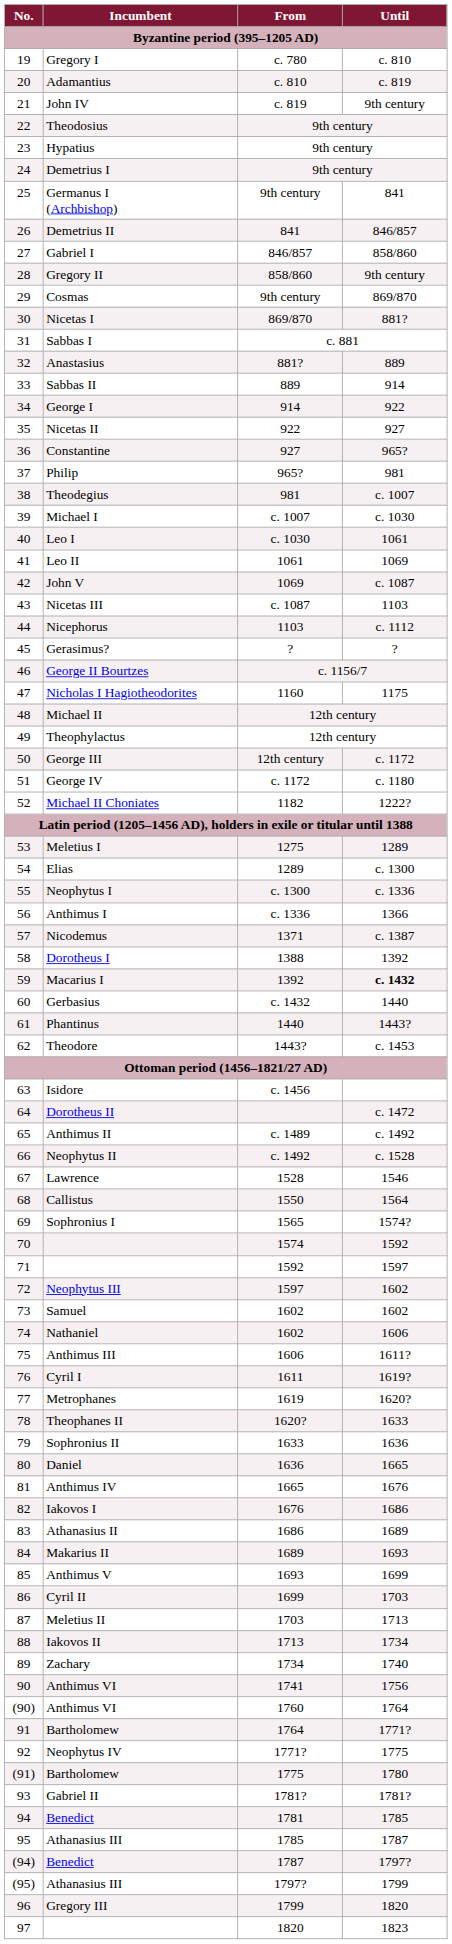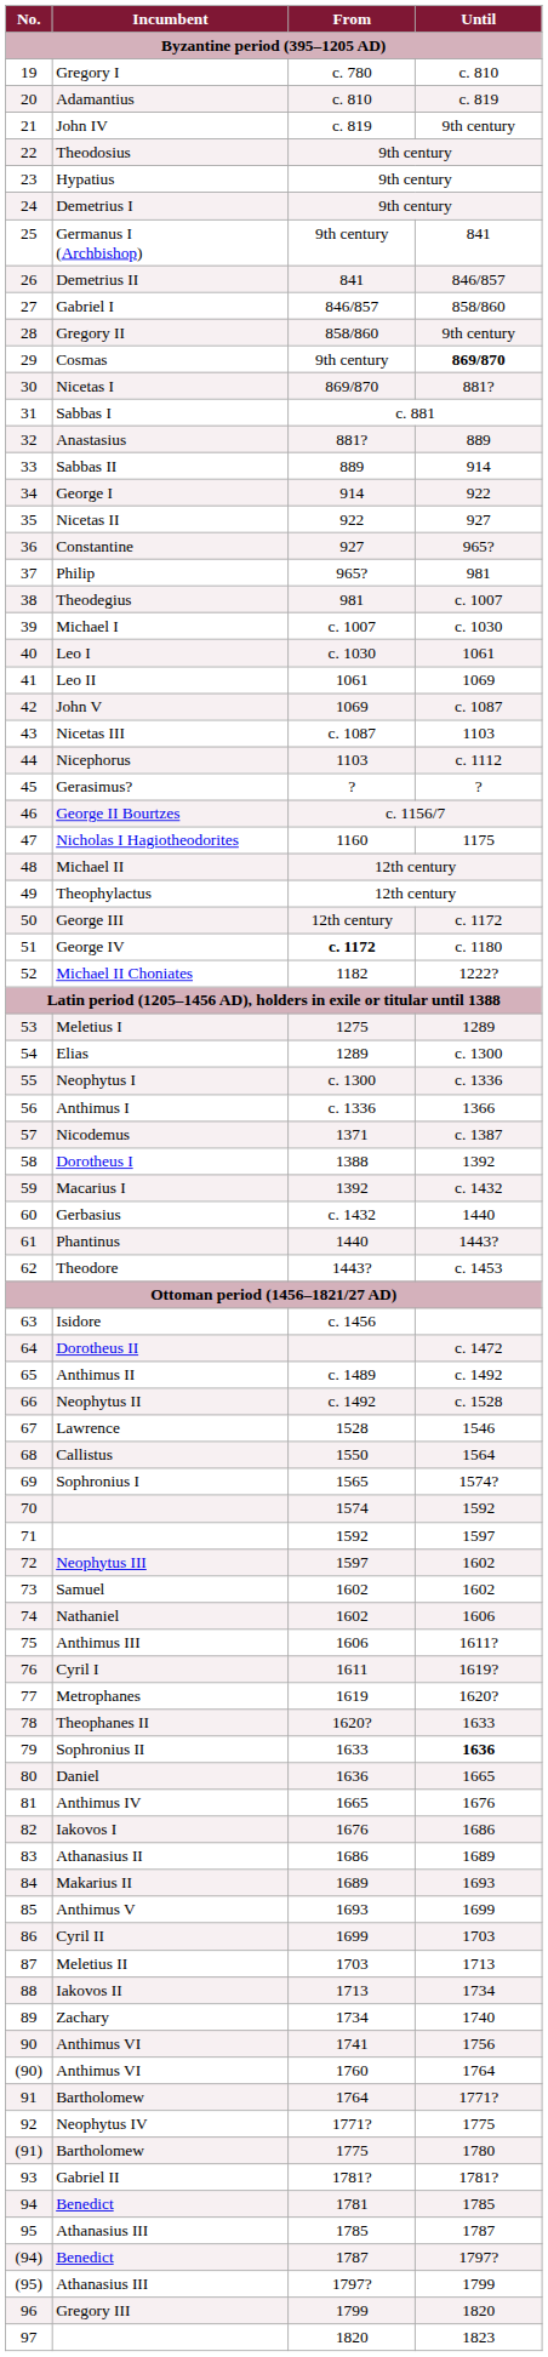 <table class="wikitable" style="font-size:95%; width:57%;">
 <tr>
 <th style="background-color: #7F1734;  color: white;" width="4%">No.</th>
 <th style="background-color: #7F1734;  color: white;" width="28%">Incumbent</th>
 <th style="background-color: #7F1734;  color: white;" width="15%">From</th>
 <th style="background-color: #7F1734;  color: white;" width="15%">Until</th>
 </tr>
 <tr align=center>
 <th style="background-color: #D4B1BB;" colspan="4">Byzantine period (395–1205 AD)</th>
 </tr>
 <tr valign=top bgcolor="white">
 <td align=center>19</td>
 <td>Gregory I</td>
 <td align=center>c. 780</td>
 <td align=center>c. 810</td>
 </tr>
 <tr valign=top bgcolor="#F7F0F2">
 <td align=center>20</td>
 <td>Adamantius</td>
 <td align=center>c. 810</td>
 <td align=center>c. 819</td>
 </tr>
 <tr valign=top bgcolor="white">
 <td align=center>21</td>
 <td>John IV</td>
 <td align=center>c. 819</td>
 <td align=center>9th century</td>
 </tr>
 <tr valign=top bgcolor="#F7F0F2">
 <td align=center>22</td>
 <td>Theodosius</td>
 <td colspan=2 align=center>9th century</td>
 </tr>
 <tr valign=top bgcolor="white">
 <td align=center>23</td>
 <td>Hypatius</td>
 <td colspan=2 align=center>9th century</td>
 </tr>
 <tr valign=top bgcolor="#F7F0F2">
 <td align=center>24</td>
 <td>Demetrius I</td>
 <td colspan=2 align=center>9th century</td>
 </tr>
 <tr valign=top bgcolor="white">
 <td align=center>25</td>
 <td>Germanus I<br>(<a href='#'>Archbishop</a>)</td>
 <td align=center>9th century</td>
 <td align=center>841</td>
 </tr>
 <tr valign=top bgcolor="#F7F0F2">
 <td align=center>26</td>
 <td>Demetrius II</td>
 <td align=center>841</td>
 <td align=center>846/857</td>
 </tr>
 <tr valign=top bgcolor="white">
 <td align=center>27</td>
 <td>Gabriel I</td>
 <td align=center>846/857</td>
 <td align=center>858/860</td>
 </tr>
 <tr valign=top bgcolor="#F7F0F2">
 <td align=center>28</td>
 <td>Gregory II</td>
 <td align=center>858/860</td>
 <td align=center>9th century</td>
 </tr>
 <tr valign=top bgcolor="white">
 <td align=center>29</td>
 <td>Cosmas</td>
 <td align=center>9th century</td>
-<td align=center>869/870</td>
+<td align=center><strong>869/870</strong></td>
 </tr>
 <tr valign=top bgcolor="#F7F0F2">
 <td align=center>30</td>
 <td>Nicetas I</td>
 <td align=center>869/870</td>
 <td align=center>881?</td>
 </tr>
 <tr valign=top bgcolor="white">
 <td align=center>31</td>
 <td>Sabbas I</td>
 <td colspan=2 align=center>c. 881</td>
 </tr>
 <tr valign=top bgcolor="#F7F0F2">
 <td align=center>32</td>
 <td>Anastasius</td>
 <td align=center>881?</td>
 <td align=center>889</td>
 </tr>
 <tr valign=top bgcolor="white">
 <td align=center>33</td>
 <td>Sabbas II</td>
 <td align=center>889</td>
 <td align=center>914</td>
 </tr>
 <tr valign=top bgcolor="#F7F0F2">
 <td align=center>34</td>
 <td>George I</td>
 <td align=center>914</td>
 <td align=center>922</td>
 </tr>
 <tr valign=top bgcolor="white">
 <td align=center>35</td>
 <td>Nicetas II</td>
 <td align=center>922</td>
 <td align=center>927</td>
 </tr>
 <tr valign=top bgcolor="#F7F0F2">
 <td align=center>36</td>
 <td>Constantine</td>
 <td align=center>927</td>
 <td align=center>965?</td>
 </tr>
 <tr valign=top bgcolor="white">
 <td align=center>37</td>
 <td>Philip</td>
 <td align=center>965?</td>
 <td align=center>981</td>
 </tr>
 <tr valign=top bgcolor="#F7F0F2">
 <td align=center>38</td>
 <td>Theodegius</td>
 <td align=center>981</td>
 <td align=center>c. 1007</td>
 </tr>
 <tr valign=top bgcolor="white">
 <td align=center>39</td>
 <td>Michael I</td>
 <td align=center>c. 1007</td>
 <td align=center>c. 1030</td>
 </tr>
 <tr valign=top bgcolor="#F7F0F2">
 <td align=center>40</td>
 <td>Leo I</td>
 <td align=center>c. 1030</td>
 <td align=center>1061</td>
 </tr>
 <tr valign=top bgcolor="white">
 <td align=center>41</td>
 <td>Leo II</td>
 <td align=center>1061</td>
 <td align=center>1069</td>
 </tr>
 <tr valign=top bgcolor="#F7F0F2">
 <td align=center>42</td>
 <td>John V</td>
 <td align=center>1069</td>
 <td align=center>c. 1087</td>
 </tr>
 <tr valign=top bgcolor="white">
 <td align=center>43</td>
 <td>Nicetas III</td>
 <td align=center>c. 1087</td>
 <td align=center>1103</td>
 </tr>
 <tr valign=top bgcolor="#F7F0F2">
 <td align=center>44</td>
 <td>Nicephorus</td>
 <td align=center>1103</td>
 <td align=center>c. 1112</td>
 </tr>
 <tr valign=top bgcolor="white">
 <td align=center>45</td>
 <td>Gerasimus?</td>
 <td align=center>?</td>
 <td align=center>?</td>
 </tr>
 <tr valign=top bgcolor="#F7F0F2">
 <td align=center>46</td>
 <td><a href='#'>George II Bourtzes</a></td>
 <td colspan=2 align=center>c. 1156/7</td>
 </tr>
 <tr valign=top bgcolor="white">
 <td align=center>47</td>
 <td><a href='#'>Nicholas I Hagiotheodorites</a></td>
 <td align=center>1160</td>
 <td align=center>1175</td>
 </tr>
 <tr valign=top bgcolor="#F7F0F2">
 <td align=center>48</td>
 <td>Michael II</td>
 <td colspan=2 align=center>12th century</td>
 </tr>
 <tr valign=top bgcolor="white">
 <td align=center>49</td>
 <td>Theophylactus</td>
 <td colspan=2 align=center>12th century</td>
 </tr>
 <tr valign=top bgcolor="#F7F0F2">
 <td align=center>50</td>
 <td>George III</td>
 <td align=center>12th century</td>
 <td align=center>c. 1172</td>
 </tr>
 <tr valign=top bgcolor="white">
 <td align=center>51</td>
 <td>George IV</td>
-<td align=center>c. 1172</td>
+<td align=center><strong>c. 1172</strong></td>
 <td align=center>c. 1180</td>
 </tr>
 <tr valign=top bgcolor="white">
 <td align=center>52</td>
 <td><a href='#'>Michael II Choniates</a></td>
 <td align=center>1182</td>
 <td align=center>1222?</td>
 </tr>
 <tr align=center>
 <th style="background-color: #D4B1BB;" colspan="4">Latin period (1205–1456 AD), holders in exile or titular until 1388</th>
 </tr>
 <tr valign=top bgcolor="#F7F0F2">
 <td align=center>53</td>
 <td>Meletius I</td>
 <td align=center>1275</td>
 <td align=center>1289</td>
 </tr>
 <tr valign=top bgcolor="white">
 <td align=center>54</td>
 <td>Elias</td>
 <td align=center>1289</td>
 <td align=center>c. 1300</td>
 </tr>
 <tr valign=top bgcolor="#F7F0F2">
 <td align=center>55</td>
 <td>Neophytus I</td>
 <td align=center>c. 1300</td>
 <td align=center>c. 1336</td>
 </tr>
 <tr valign=top bgcolor="white">
 <td align=center>56</td>
 <td>Anthimus I</td>
 <td align=center>c. 1336</td>
 <td align=center>1366</td>
 </tr>
 <tr valign=top bgcolor="#F7F0F2">
 <td align=center>57</td>
 <td>Nicodemus</td>
 <td align=center>1371</td>
 <td align=center>c. 1387</td>
 </tr>
 <tr valign=top bgcolor="white">
 <td align=center>58</td>
 <td><a href='#'>Dorotheus I</a></td>
 <td align=center>1388</td>
 <td align=center>1392</td>
 </tr>
 <tr valign=top bgcolor="#F7F0F2">
 <td align=center>59</td>
 <td>Macarius I</td>
 <td align=center>1392</td>
-<td align=center><strong>c. 1432</strong></td>
+<td align=center>c. 1432</td>
 </tr>
 <tr valign=top bgcolor="white">
 <td align=center>60</td>
 <td>Gerbasius</td>
 <td align=center>c. 1432</td>
 <td align=center>1440</td>
 </tr>
 <tr valign=top bgcolor="#F7F0F2">
 <td align=center>61</td>
 <td>Phantinus</td>
 <td align=center>1440</td>
 <td align=center>1443?</td>
 </tr>
 <tr valign=top bgcolor="white">
 <td align=center>62</td>
 <td>Theodore</td>
 <td align=center>1443?</td>
 <td align=center>c. 1453</td>
 </tr>
 <tr align=center>
 <th style="background-color: #D4B1BB;" colspan="4">Ottoman period (1456–1821/27 AD)</th>
 </tr>
 <tr valign=top bgcolor="white">
 <td align=center>63</td>
 <td>Isidore</td>
 <td align=center>c. 1456</td>
 <td align=center></td>
 </tr>
 <tr valign=top bgcolor="#F7F0F2">
 <td align=center>64</td>
 <td><a href='#'>Dorotheus II</a></td>
 <td align=center></td>
 <td align=center>c. 1472</td>
 </tr>
 <tr valign=top bgcolor="white">
 <td align=center>65</td>
 <td>Anthimus II</td>
 <td align=center>c. 1489</td>
 <td align=center>c. 1492</td>
 </tr>
 <tr valign=top bgcolor="#F7F0F2">
 <td align=center>66</td>
 <td>Neophytus II</td>
 <td align=center>c. 1492</td>
 <td align=center>c. 1528</td>
 </tr>
 <tr valign=top bgcolor="white">
 <td align=center>67</td>
 <td>Lawrence</td>
 <td align=center>1528</td>
 <td align=center>1546</td>
 </tr>
 <tr valign=top bgcolor="#F7F0F2">
 <td align=center>68</td>
 <td>Callistus</td>
 <td align=center>1550</td>
 <td align=center>1564</td>
 </tr>
 <tr valign=top bgcolor="white">
 <td align=center>69</td>
 <td>Sophronius I</td>
 <td align=center>1565</td>
 <td align=center>1574?</td>
 </tr>
 <tr valign=top bgcolor="#F7F0F2">
 <td align=center>70</td>
 <td></td>
 <td align=center>1574</td>
 <td align=center>1592</td>
 </tr>
 <tr valign=top bgcolor="white">
 <td align=center>71</td>
 <td></td>
 <td align=center>1592</td>
 <td align=center>1597</td>
 </tr>
 <tr valign=top bgcolor="#F7F0F2">
 <td align=center>72</td>
 <td><a href='#'>Neophytus III</a></td>
 <td align=center>1597</td>
 <td align=center>1602</td>
 </tr>
 <tr valign=top bgcolor="white">
 <td align=center>73</td>
 <td>Samuel</td>
 <td align=center>1602</td>
 <td align=center>1602</td>
 </tr>
 <tr valign=top bgcolor="#F7F0F2">
 <td align=center>74</td>
 <td>Nathaniel</td>
 <td align=center>1602</td>
 <td align=center>1606</td>
 </tr>
 <tr valign=top bgcolor="white">
 <td align=center>75</td>
 <td>Anthimus III</td>
 <td align=center>1606</td>
 <td align=center>1611?</td>
 </tr>
 <tr valign=top bgcolor="#F7F0F2">
 <td align=center>76</td>
 <td>Cyril I</td>
 <td align=center>1611</td>
 <td align=center>1619?</td>
 </tr>
 <tr valign=top bgcolor="white">
 <td align=center>77</td>
 <td>Metrophanes</td>
 <td align=center>1619</td>
 <td align=center>1620?</td>
 </tr>
 <tr valign=top bgcolor="#F7F0F2">
 <td align=center>78</td>
 <td>Theophanes II</td>
 <td align=center>1620?</td>
 <td align=center>1633</td>
 </tr>
 <tr valign=top bgcolor="white">
 <td align=center>79</td>
 <td>Sophronius II</td>
 <td align=center>1633</td>
-<td align=center>1636</td>
+<td align=center><strong>1636</strong></td>
 </tr>
 <tr valign=top bgcolor="#F7F0F2">
 <td align=center>80</td>
 <td>Daniel</td>
 <td align=center>1636</td>
 <td align=center>1665</td>
 </tr>
 <tr valign=top bgcolor="white">
 <td align=center>81</td>
 <td>Anthimus IV</td>
 <td align=center>1665</td>
 <td align=center>1676</td>
 </tr>
 <tr valign=top bgcolor="#F7F0F2">
 <td align=center>82</td>
 <td>Iakovos I</td>
 <td align=center>1676</td>
 <td align=center>1686</td>
 </tr>
 <tr valign=top bgcolor="white">
 <td align=center>83</td>
 <td>Athanasius II</td>
 <td align=center>1686</td>
 <td align=center>1689</td>
 </tr>
 <tr valign=top bgcolor="#F7F0F2">
 <td align=center>84</td>
 <td>Makarius II</td>
 <td align=center>1689</td>
 <td align=center>1693</td>
 </tr>
 <tr valign=top bgcolor="white">
 <td align=center>85</td>
 <td>Anthimus V</td>
 <td align=center>1693</td>
 <td align=center>1699</td>
 </tr>
 <tr valign=top bgcolor="#F7F0F2">
 <td align=center>86</td>
 <td>Cyril II</td>
 <td align=center>1699</td>
 <td align=center>1703</td>
 </tr>
 <tr valign=top bgcolor="white">
 <td align=center>87</td>
 <td>Meletius II</td>
 <td align=center>1703</td>
 <td align=center>1713</td>
 </tr>
 <tr valign=top bgcolor="#F7F0F2">
 <td align=center>88</td>
 <td>Iakovos II</td>
 <td align=center>1713</td>
 <td align=center>1734</td>
 </tr>
 <tr valign=top bgcolor="white">
 <td align=center>89</td>
 <td>Zachary</td>
 <td align=center>1734</td>
 <td align=center>1740</td>
 </tr>
 <tr valign=top bgcolor="#F7F0F2">
 <td align=center>90</td>
 <td>Anthimus VI</td>
 <td align=center>1741</td>
 <td align=center>1756</td>
 </tr>
 <tr valign=top bgcolor="white">
 <td align=center>(90)</td>
 <td>Anthimus VI</td>
 <td align=center>1760</td>
 <td align=center>1764</td>
 </tr>
 <tr valign=top bgcolor="#F7F0F2">
 <td align=center>91</td>
 <td>Bartholomew</td>
 <td align=center>1764</td>
 <td align=center>1771?</td>
 </tr>
 <tr valign=top bgcolor="white">
 <td align=center>92</td>
 <td>Neophytus IV</td>
 <td align=center>1771?</td>
 <td align=center>1775</td>
 </tr>
 <tr valign=top bgcolor="#F7F0F2">
 <td align=center>(91)</td>
 <td>Bartholomew</td>
 <td align=center>1775</td>
 <td align=center>1780</td>
 </tr>
 <tr valign=top bgcolor="white">
 <td align=center>93</td>
 <td>Gabriel II</td>
 <td align=center>1781?</td>
 <td align=center>1781?</td>
 </tr>
 <tr valign=top bgcolor="#F7F0F2">
 <td align=center>94</td>
 <td><a href='#'>Benedict</a></td>
 <td align=center>1781</td>
 <td align=center>1785</td>
 </tr>
 <tr valign=top bgcolor="white">
 <td align=center>95</td>
 <td>Athanasius III</td>
 <td align=center>1785</td>
 <td align=center>1787</td>
 </tr>
 <tr valign=top bgcolor="#F7F0F2">
 <td align=center>(94)</td>
 <td><a href='#'>Benedict</a></td>
 <td align=center>1787</td>
 <td align=center>1797?</td>
 </tr>
 <tr valign=top bgcolor="white">
 <td align=center>(95)</td>
 <td>Athanasius III</td>
 <td align=center>1797?</td>
 <td align=center>1799</td>
 </tr>
 <tr valign=top bgcolor="#F7F0F2">
 <td align=center>96</td>
 <td>Gregory III</td>
 <td align=center>1799</td>
 <td align=center>1820</td>
 </tr>
 <tr valign=top bgcolor="white">
 <td align=center>97</td>
 <td></td>
 <td align=center>1820</td>
 <td align=center>1823</td>
 </tr>
 </table>
